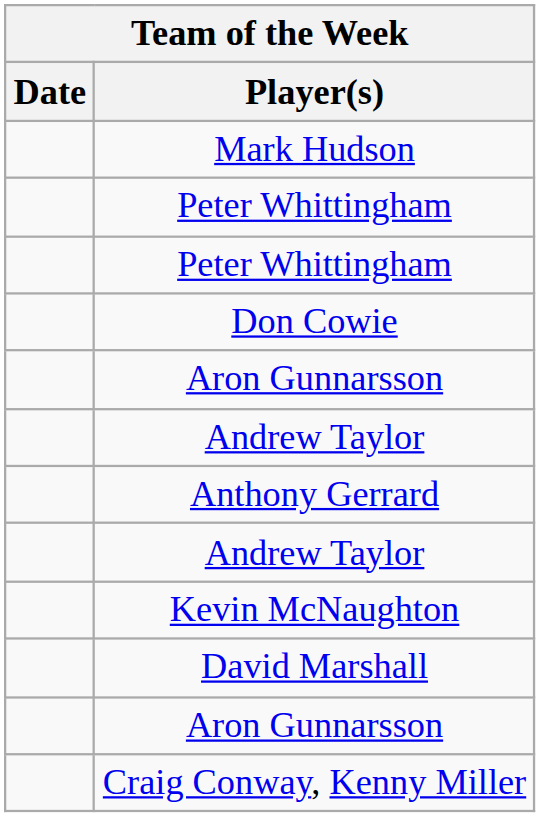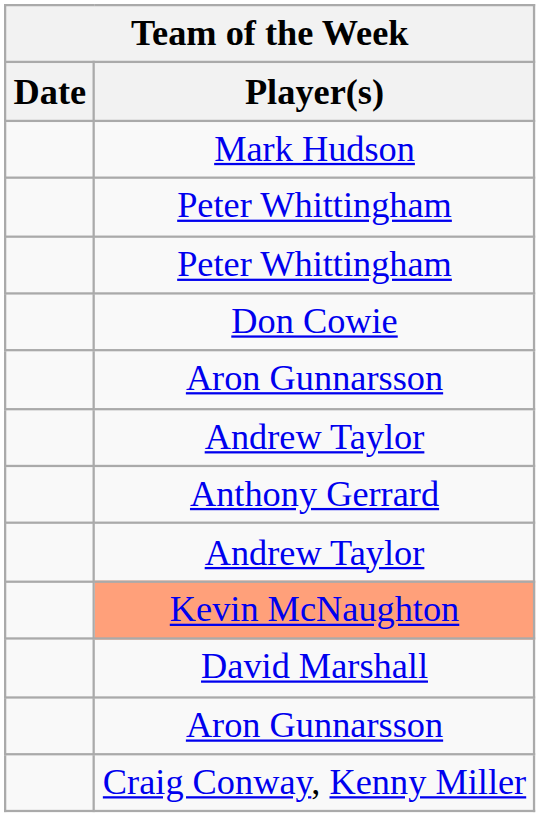 <table class="wikitable" style="text-align: center">
 <tr>
 <th style="text-align:center;" colspan="2">Team of the Week</th>
 </tr>
 <tr>
 <th>Date</th>
 <th>Player(s)</th>
 </tr>
 <tr>
 <td></td>
 <td><a href='#'>Mark Hudson</a></td>
 </tr>
 <tr>
 <td></td>
 <td><a href='#'>Peter Whittingham</a></td>
 </tr>
 <tr>
 <td></td>
 <td><a href='#'>Peter Whittingham</a></td>
 </tr>
 <tr>
 <td></td>
 <td><a href='#'>Don Cowie</a></td>
 </tr>
 <tr>
 <td></td>
 <td><a href='#'>Aron Gunnarsson</a></td>
 </tr>
 <tr>
 <td></td>
 <td><a href='#'>Andrew Taylor</a></td>
 </tr>
 <tr>
 <td></td>
 <td><a href='#'>Anthony Gerrard</a></td>
 </tr>
 <tr>
 <td></td>
 <td><a href='#'>Andrew Taylor</a></td>
 </tr>
 <tr>
 <td></td>
-<td><a href='#'>Kevin McNaughton</a></td>
+<td style="background: lightsalmon;"><a href='#'>Kevin McNaughton</a></td>
 </tr>
 <tr>
 <td></td>
 <td><a href='#'>David Marshall</a></td>
 </tr>
 <tr>
 <td></td>
 <td><a href='#'>Aron Gunnarsson</a></td>
 </tr>
 <tr>
 <td></td>
 <td><a href='#'>Craig Conway</a>, <a href='#'>Kenny Miller</a></td>
 </tr>
 </table>
